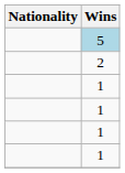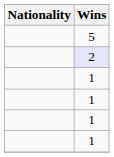 <table class="wikitable sortable">
 <tr>
 <th>Nationality</th>
 <th>Wins</th>
 </tr>
 <tr>
 <td></td>
-<td align="center" style="background: lightblue;">5</td>
+<td align="center">5</td>
 </tr>
 <tr>
 <td></td>
-<td align="center">2</td>
+<td align="center" style="background: lavender;">2</td>
 </tr>
 <tr>
 <td></td>
 <td align="center">1</td>
 </tr>
 <tr>
 <td></td>
 <td align="center">1</td>
 </tr>
 <tr>
 <td></td>
 <td align="center">1</td>
 </tr>
 <tr>
 <td></td>
 <td align="center">1</td>
 </tr>
 <tr>
 </tr>
 </table>
